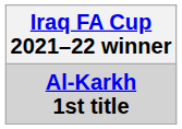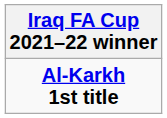 <table class="wikitable" style="text-align: center; margin: 0 auto;">
 <tr>
 <th><a href='#'>Iraq FA Cup</a><br>2021–22 winner</th>
 </tr>
 <tr>
-<td style="background: lightgrey;"><strong><a href='#'>Al-Karkh</a></strong><br><strong>1st title</strong></td>
+<td><strong><a href='#'>Al-Karkh</a></strong><br><strong>1st title</strong></td>
 </tr>
 </table>
